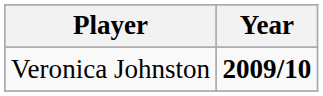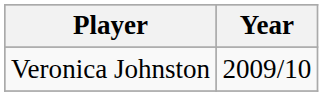 <table class="wikitable">
 <tr>
 <th>Player</th>
 <th>Year</th>
 </tr>
 <tr>
 <td>Veronica Johnston</td>
-<td><strong>2009/10</strong></td>
+<td>2009/10</td>
 </tr>
 </table>
